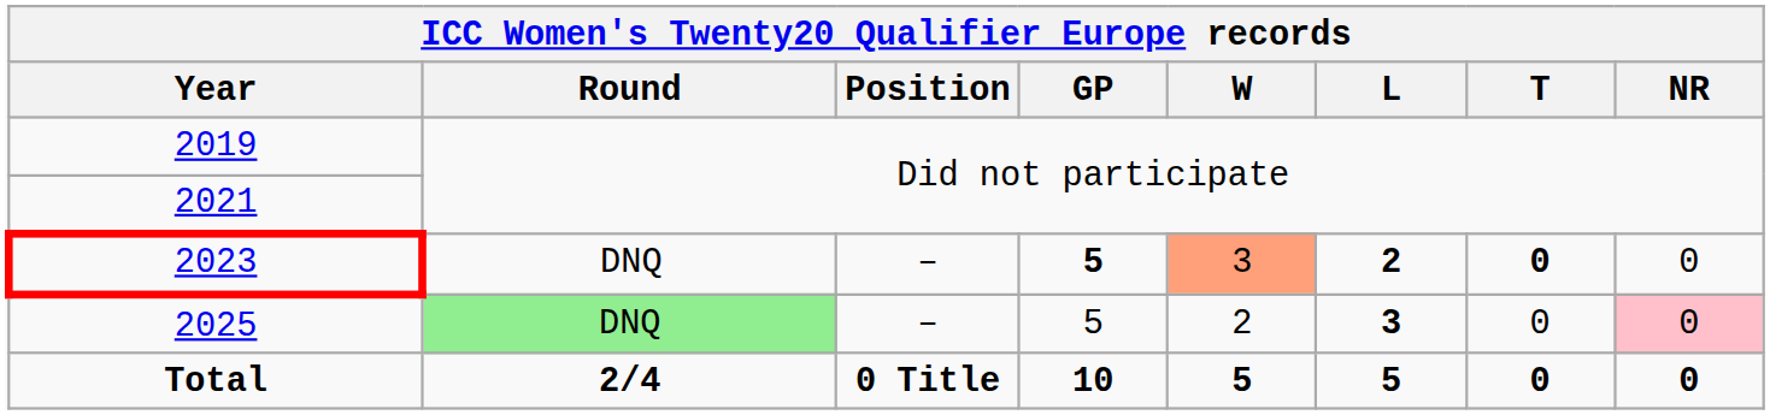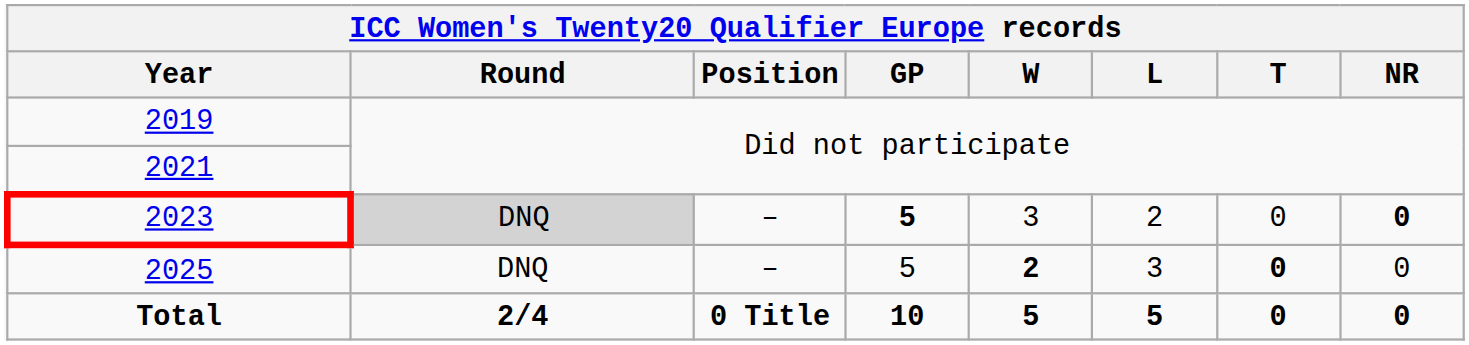 <table class="wikitable" style="text-align: center; width=900px;">
 <tr>
 <th colspan=9><a href='#'>ICC Women's Twenty20 Qualifier Europe</a> records</th>
 </tr>
 <tr>
 <th width=150>Year</th>
 <th width=150>Round</th>
 <th width=50>Position</th>
 <th width=50>GP</th>
 <th width=50>W</th>
 <th width=50>L</th>
 <th width=50>T</th>
 <th width=50>NR</th>
 </tr>
 <tr>
 <td> <a href='#'>2019</a></td>
 <td colspan=8 rowspan=2>Did not participate</td>
 </tr>
 <tr>
 <td> <a href='#'>2021</a></td>
 </tr>
 <tr>
 <td style="border: 3px solid red"> <a href='#'>2023</a></td>
-<td>DNQ</td>
+<td style="background: lightgrey;">DNQ</td>
 <td>–</td>
 <td><strong>5</strong></td>
-<td style="background: lightsalmon;">3</td>
-<td><strong>2</strong></td>
+<td>3</td>
+<td>2</td>
+<td>0</td>
 <td><strong>0</strong></td>
-<td>0</td>
 </tr>
 <tr>
 <td> <a href='#'>2025</a></td>
-<td style="background: lightgreen;">DNQ</td>
+<td>DNQ</td>
 <td>–</td>
 <td>5</td>
-<td>2</td>
-<td><strong>3</strong></td>
+<td><strong>2</strong></td>
+<td>3</td>
+<td><strong>0</strong></td>
 <td>0</td>
-<td style="background: pink;">0</td>
 </tr>
 <tr>
 <td><strong>Total</strong></td>
 <td><strong>2/4</strong></td>
 <td><strong>0 Title </strong></td>
 <td><strong>10</strong></td>
 <td><strong>5</strong></td>
 <td><strong>5</strong></td>
 <td><strong>0</strong></td>
 <td><strong>0</strong></td>
 </tr>
 </table>
